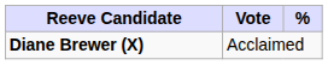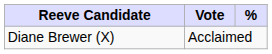 <table class="wikitable">
 <tr>
 <th style="background:#ddf; width:200px;">Reeve Candidate</th>
 <th style="background:#ddf; width:50px;">Vote</th>
 <th style="background:#ddf; width:30px;">%</th>
 </tr>
 <tr>
-<td><strong>Diane Brewer (X)</strong></td>
+<td>Diane Brewer (X)</td>
 <td colspan="2">Acclaimed</td>
 </tr>
 </table>
